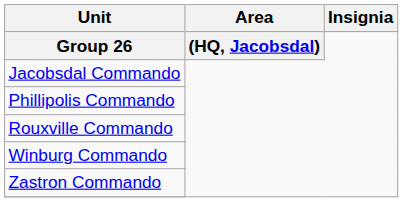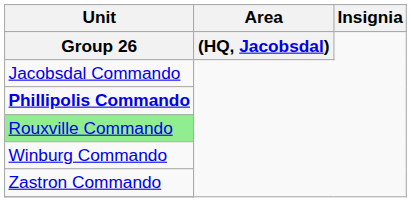 <table class="wikitable">
 <tr>
 <th>Unit</th>
 <th>Area</th>
 <th>Insignia</th>
 </tr>
 <tr>
 <th>Group 26</th>
 <th>(HQ, <a href='#'>Jacobsdal</a>)</th>
 </tr>
 <tr>
 <td><a href='#'>Jacobsdal Commando</a></td>
 </tr>
 <tr>
-<td><a href='#'>Phillipolis Commando</a></td>
+<td><strong><a href='#'>Phillipolis Commando</a></strong></td>
 </tr>
 <tr>
-<td><a href='#'>Rouxville Commando</a></td>
+<td style="background: lightgreen;"><a href='#'>Rouxville Commando</a></td>
 </tr>
 <tr>
 <td><a href='#'>Winburg Commando</a></td>
 </tr>
 <tr>
 <td><a href='#'>Zastron Commando</a></td>
 </tr>
 <tr>
 </tr>
 </table>
